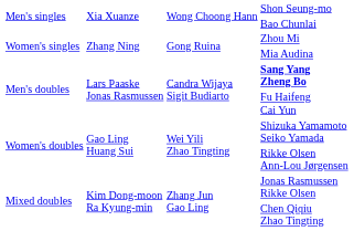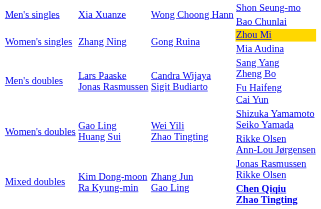 <table>
 <tr>
 <td rowspan=2><a href='#'>Men's singles</a></td>
 <td rowspan=2> <a href='#'>Xia Xuanze</a></td>
 <td rowspan=2> <a href='#'>Wong Choong Hann</a></td>
 <td> <a href='#'>Shon Seung-mo</a></td>
 </tr>
 <tr>
 <td> <a href='#'>Bao Chunlai</a></td>
 </tr>
 <tr>
 <td rowspan=2><a href='#'>Women's singles</a></td>
 <td rowspan=2> <a href='#'>Zhang Ning</a></td>
 <td rowspan=2> <a href='#'>Gong Ruina</a></td>
-<td> <a href='#'>Zhou Mi</a></td>
+<td style="background: gold;"> <a href='#'>Zhou Mi</a></td>
 </tr>
 <tr>
 <td> <a href='#'>Mia Audina</a></td>
 </tr>
 <tr>
 <td rowspan=2><a href='#'>Men's doubles</a></td>
 <td rowspan=2> <a href='#'>Lars Paaske</a><br> <a href='#'>Jonas Rasmussen</a></td>
 <td rowspan=2> <a href='#'>Candra Wijaya</a><br> <a href='#'>Sigit Budiarto</a></td>
-<td><strong> <a href='#'>Sang Yang</a><br> <a href='#'>Zheng Bo</a></strong></td>
+<td> <a href='#'>Sang Yang</a><br> <a href='#'>Zheng Bo</a></td>
 </tr>
 <tr>
 <td> <a href='#'>Fu Haifeng</a><br> <a href='#'>Cai Yun</a></td>
 </tr>
 <tr>
 <td rowspan=2><a href='#'>Women's doubles</a></td>
 <td rowspan=2> <a href='#'>Gao Ling</a><br> <a href='#'>Huang Sui</a></td>
 <td rowspan=2> <a href='#'>Wei Yili</a><br> <a href='#'>Zhao Tingting</a></td>
 <td> <a href='#'>Shizuka Yamamoto</a><br> <a href='#'>Seiko Yamada</a></td>
 </tr>
 <tr>
 <td> <a href='#'>Rikke Olsen</a><br> <a href='#'>Ann-Lou Jørgensen</a></td>
 </tr>
 <tr>
 <td rowspan=2><a href='#'>Mixed doubles</a></td>
 <td rowspan=2> <a href='#'>Kim Dong-moon</a><br> <a href='#'>Ra Kyung-min</a></td>
 <td rowspan=2> <a href='#'>Zhang Jun</a><br> <a href='#'>Gao Ling</a></td>
 <td> <a href='#'>Jonas Rasmussen</a><br> <a href='#'>Rikke Olsen</a></td>
 </tr>
 <tr>
-<td> <a href='#'>Chen Qiqiu</a><br> <a href='#'>Zhao Tingting</a></td>
+<td><strong> <a href='#'>Chen Qiqiu</a><br> <a href='#'>Zhao Tingting</a></strong></td>
 </tr>
 </table>
